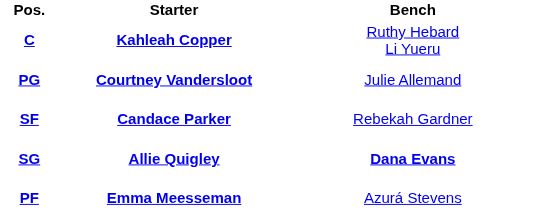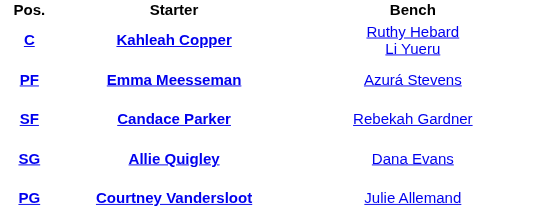 <table style="text-align:center; ">
 <tr>
 <th width="50">Pos.</th>
 <th width="250">Starter</th>
 <th width="250">Bench</th>
 </tr>
 <tr style="height:40px; background:white; color:#092C57">
 <th><a href='#'><span>C</span></a></th>
 <td><strong><a href='#'>Kahleah Copper</a></strong></td>
 <td><a href='#'>Ruthy Hebard</a><br><a href='#'>Li Yueru</a></td>
 </tr>
 <tr style="height:40px; background:white; color:#092C57">
-<th><a href='#'><span>PG</span></a></th>
-<td><strong><a href='#'>Courtney Vandersloot</a></strong></td>
-<td><a href='#'>Julie Allemand</a></td>
+<th><a href='#'><span>PF</span></a></th>
+<td><strong><a href='#'>Emma Meesseman</a></strong></td>
+<td><a href='#'>Azurá Stevens</a></td>
 </tr>
 <tr style="height:40px; background:white; color:#092C57">
 <th><a href='#'><span>SF</span></a></th>
 <td><strong><a href='#'>Candace Parker</a></strong></td>
 <td><a href='#'>Rebekah Gardner</a></td>
 </tr>
 <tr style="height:40px; background:white; color:#092C57">
 <th><a href='#'><span>SG</span></a></th>
 <td><strong><a href='#'>Allie Quigley</a></strong></td>
-<td><strong><a href='#'>Dana Evans</a></strong></td>
+<td><a href='#'>Dana Evans</a></td>
 </tr>
 <tr style="height:40px; background:white; color:#092C57">
-<th><a href='#'><span>PF</span></a></th>
-<td><strong><a href='#'>Emma Meesseman</a></strong></td>
-<td><a href='#'>Azurá Stevens</a></td>
+<th><a href='#'><span>PG</span></a></th>
+<td><strong><a href='#'>Courtney Vandersloot</a></strong></td>
+<td><a href='#'>Julie Allemand</a></td>
 </tr>
 </table>
